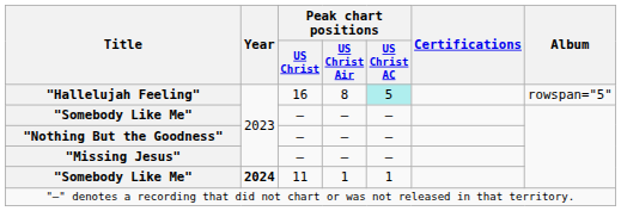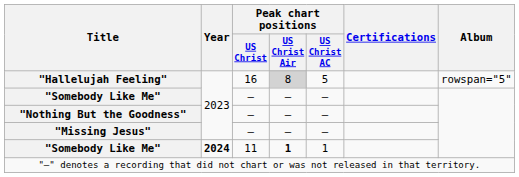 <table class="wikitable plainrowheaders" style="text-align:center;">
 <tr>
 <th scope="col" rowspan="2" style="width:18em;">Title</th>
 <th rowspan="2">Year</th>
 <th colspan="3">Peak chart positions</th>
 <th rowspan="2"><a href='#'>Certifications</a></th>
 <th rowspan="2">Album</th>
 </tr>
 <tr>
 <th scope="col" style="width:3em;font-size:85%;"><a href='#'>US<br>Christ</a><br></th>
 <th scope="col" style="width:3em;font-size:85%;"><a href='#'>US<br>Christ<br>Air</a><br></th>
 <th scope="col" style="width:3em;font-size:85%;"><a href='#'>US<br>Christ<br>AC</a><br></th>
 </tr>
 <tr>
 <th scope="row">"Hallelujah Feeling"</th>
 <td rowspan="4">2023</td>
 <td>16</td>
-<td>8</td>
-<td style="background: paleturquoise;">5</td>
+<td style="background: lightgrey;">8</td>
+<td>5</td>
 <td></td>
 <td>rowspan="5" </td>
 </tr>
 <tr>
 <th scope="row">"Somebody Like Me"</th>
 <td>—</td>
 <td>—</td>
 <td>—</td>
 <td></td>
 </tr>
 <tr>
 <th scope="row">"Nothing But the Goodness"</th>
 <td>—</td>
 <td>—</td>
 <td>—</td>
 <td></td>
 </tr>
 <tr>
 <th scope="row">"Missing Jesus"</th>
 <td>—</td>
 <td>—</td>
 <td>—</td>
 <td></td>
 </tr>
 <tr>
 <th scope="row">"Somebody Like Me"</th>
 <td><strong>2024</strong></td>
 <td>11</td>
-<td>1</td>
+<td><strong>1</strong></td>
 <td>1</td>
 <td></td>
 </tr>
 <tr>
 <td colspan="12" style="font-size:85%">"—" denotes a recording that did not chart or was not released in that territory.</td>
 </tr>
 </table>
